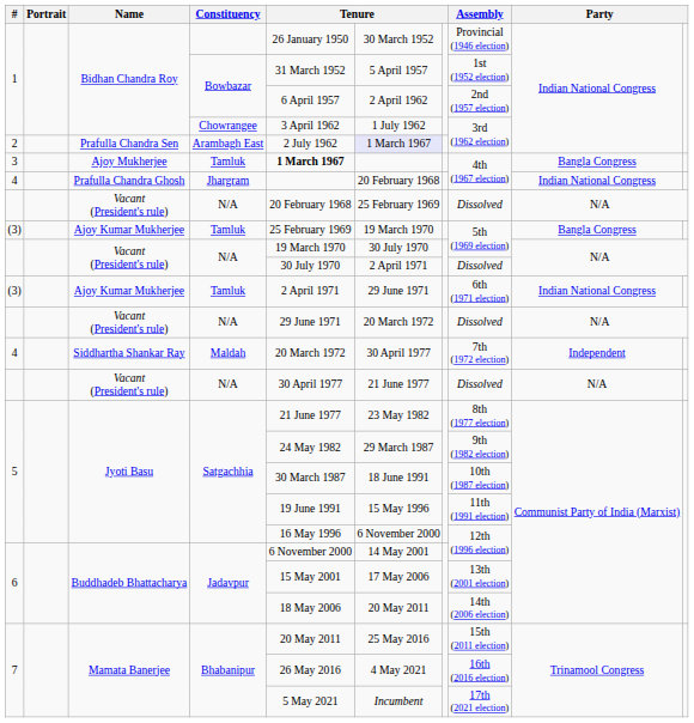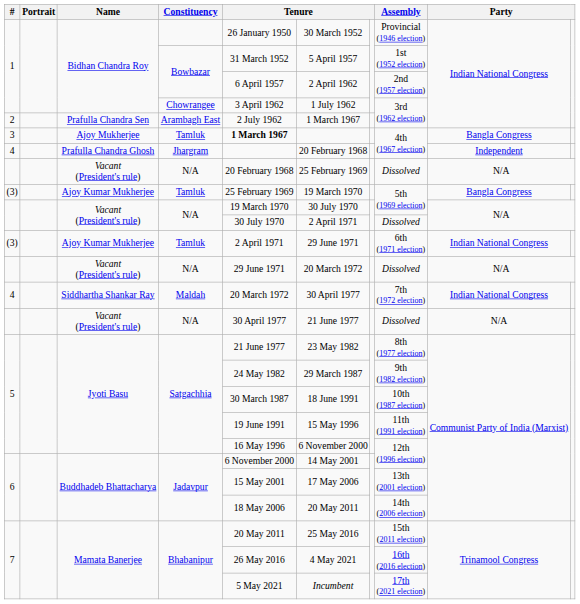 <table class="wikitable" style="text-align:center">
 <tr>
 <th>#</th>
 <th colspan="1">Portrait</th>
 <th>Name</th>
 <th><a href='#'>Constituency</a></th>
 <th colspan="3">Tenure</th>
 <th><a href='#'>Assembly</a><br></th>
 <th colspan="2">Party</th>
 </tr>
 <tr>
 <td rowspan="4">1</td>
 <td rowspan="4"></td>
 <td rowspan="4"><a href='#'>Bidhan Chandra Roy</a></td>
 <td></td>
 <td>26 January 1950</td>
 <td>30 March 1952</td>
 <td rowspan="4"></td>
 <td>Provincial<br><small>(<a href='#'>1946 election</a>)</small></td>
 <td rowspan="5"><a href='#'>Indian National Congress</a></td>
 <td rowspan="5" style="background-color: "></td>
 </tr>
 <tr>
 <td rowspan="2"><a href='#'>Bowbazar</a></td>
 <td>31 March 1952</td>
 <td>5 April 1957</td>
 <td>1st<br><small>(<a href='#'>1952 election</a>)</small></td>
 </tr>
 <tr>
 <td>6 April 1957</td>
 <td>2 April 1962</td>
 <td>2nd<br><small>(<a href='#'>1957 election</a>)</small></td>
 </tr>
 <tr>
 <td><a href='#'>Chowrangee</a></td>
 <td>3 April 1962</td>
 <td>1 July 1962</td>
 <td rowspan="2">3rd <br><small>(<a href='#'>1962 election</a>)</small></td>
 </tr>
 <tr>
 <td>2</td>
 <td></td>
 <td><a href='#'>Prafulla Chandra Sen</a></td>
 <td><a href='#'>Arambagh East</a></td>
 <td>2 July 1962</td>
-<td style="background: lavender;">1 March 1967</td>
+<td>1 March 1967</td>
 <td></td>
 </tr>
 <tr>
 <td>3</td>
 <td></td>
 <td><a href='#'>Ajoy Mukherjee</a></td>
 <td><a href='#'>Tamluk</a></td>
 <td><strong>1 March 1967</strong></td>
 <td></td>
 <td></td>
 <td rowspan="2">4th<br><small>(<a href='#'>1967 election</a>)</small></td>
 <td><a href='#'>Bangla Congress</a></td>
 <td style="background-color: "></td>
 </tr>
 <tr>
 <td>4</td>
 <td></td>
 <td><a href='#'>Prafulla Chandra Ghosh</a></td>
 <td><a href='#'>Jhargram</a></td>
 <td></td>
 <td>20 February 1968</td>
 <td></td>
-<td><a href='#'>Indian National Congress</a></td>
+<td><a href='#'>Independent</a></td>
 <td style="background-color: "></td>
 </tr>
 <tr>
 <td></td>
 <td></td>
 <td><em>Vacant</em><br>(<a href='#'>President's rule</a>)</td>
 <td>N/A</td>
 <td>20 February 1968</td>
 <td>25 February 1969</td>
 <td></td>
 <td><em>Dissolved</em></td>
 <td colspan="2">N/A</td>
 </tr>
 <tr>
 <td>(3)</td>
 <td></td>
 <td><a href='#'>Ajoy Kumar Mukherjee</a></td>
 <td><a href='#'>Tamluk</a></td>
 <td>25 February 1969</td>
 <td>19 March 1970</td>
 <td></td>
 <td rowspan="2">5th<br><small>(<a href='#'>1969 election</a>)</small></td>
 <td><a href='#'>Bangla Congress</a></td>
 <td style="background-color: "></td>
 </tr>
 <tr>
 <td rowspan="2"></td>
 <td rowspan="2"></td>
 <td rowspan="2"><em>Vacant</em><br>(<a href='#'>President's rule</a>)</td>
 <td rowspan="2">N/A</td>
 <td>19 March 1970</td>
 <td>30 July 1970</td>
 <td rowspan="2"></td>
 <td colspan="2" rowspan="2">N/A</td>
 </tr>
 <tr>
 <td>30 July 1970</td>
 <td>2 April 1971</td>
 <td><em>Dissolved</em></td>
 </tr>
 <tr>
 <td>(3)</td>
 <td></td>
 <td><a href='#'>Ajoy Kumar Mukherjee</a></td>
 <td><a href='#'>Tamluk</a></td>
 <td>2 April 1971</td>
 <td>29 June 1971</td>
 <td></td>
 <td>6th<br><small>(<a href='#'>1971 election</a>)</small></td>
 <td><a href='#'>Indian National Congress</a></td>
 <td style="background-color: "></td>
 </tr>
 <tr>
 <td></td>
 <td></td>
 <td><em>Vacant</em><br>(<a href='#'>President's rule</a>)</td>
 <td>N/A</td>
 <td>29 June 1971</td>
 <td>20 March 1972</td>
 <td></td>
 <td><em>Dissolved</em></td>
 <td colspan="2">N/A</td>
 </tr>
 <tr>
 <td>4</td>
 <td></td>
 <td><a href='#'>Siddhartha Shankar Ray</a></td>
 <td><a href='#'>Maldah</a></td>
 <td>20 March 1972</td>
 <td>30 April 1977</td>
 <td></td>
 <td>7th<br><small>(<a href='#'>1972 election</a>)</small></td>
-<td><a href='#'>Independent</a></td>
+<td><a href='#'>Indian National Congress</a></td>
 <td style="background-color: "></td>
 </tr>
 <tr>
 <td></td>
 <td></td>
 <td><em>Vacant</em><br>(<a href='#'>President's rule</a>)</td>
 <td>N/A</td>
 <td>30 April 1977</td>
 <td>21 June 1977</td>
 <td></td>
 <td><em>Dissolved</em></td>
 <td>N/A</td>
 <td></td>
 </tr>
 <tr>
 <td rowspan="5">5</td>
 <td rowspan="5"></td>
 <td rowspan="5"><a href='#'>Jyoti Basu</a></td>
 <td rowspan="5"><a href='#'>Satgachhia</a></td>
 <td>21 June 1977</td>
 <td>23 May 1982</td>
 <td rowspan="5"></td>
 <td>8th<br><small>(<a href='#'>1977 election</a>)</small></td>
 <td rowspan="8"><a href='#'>Communist Party of India (Marxist)</a></td>
 <td rowspan="8" style="background-color: "></td>
 </tr>
 <tr>
 <td>24 May 1982</td>
 <td>29 March 1987</td>
 <td>9th<br><small>(<a href='#'>1982 election</a>)</small></td>
 </tr>
 <tr>
 <td>30 March 1987</td>
 <td>18 June 1991</td>
 <td>10th<br><small>(<a href='#'>1987 election</a>)</small></td>
 </tr>
 <tr>
 <td>19 June 1991</td>
 <td>15 May 1996</td>
 <td>11th<br><small>(<a href='#'>1991 election</a>)</small></td>
 </tr>
 <tr>
 <td>16 May 1996</td>
 <td>6 November 2000</td>
 <td rowspan="2">12th<br><small>(<a href='#'>1996 election</a>)</small></td>
 </tr>
 <tr>
 <td rowspan="3">6</td>
 <td rowspan="3"></td>
 <td rowspan="3"><a href='#'>Buddhadeb Bhattacharya</a></td>
 <td rowspan="3"><a href='#'>Jadavpur</a></td>
 <td>6 November 2000</td>
 <td>14 May 2001</td>
 <td rowspan="3"></td>
 </tr>
 <tr>
 <td>15 May 2001</td>
 <td>17 May 2006</td>
 <td>13th<br><small>(<a href='#'>2001 election</a>)</small></td>
 </tr>
 <tr>
 <td>18 May 2006</td>
 <td>20 May 2011</td>
 <td>14th <br><small>(<a href='#'>2006 election</a>)</small></td>
 </tr>
 <tr>
 <td rowspan="3">7</td>
 <td rowspan="3"></td>
 <td rowspan="3"><a href='#'>Mamata Banerjee</a></td>
 <td rowspan="3"><a href='#'>Bhabanipur</a></td>
 <td>20 May 2011</td>
 <td>25 May 2016</td>
 <td rowspan="3"></td>
 <td>15th<br><small>(<a href='#'>2011 election</a>)</small></td>
 <td rowspan="3"><a href='#'>Trinamool Congress</a></td>
 <td rowspan="3" style="background-color: "></td>
 </tr>
 <tr>
 <td>26 May 2016</td>
 <td>4 May 2021</td>
 <td><a href='#'>16th</a><br><small>(<a href='#'>2016 election</a>)</small></td>
 </tr>
 <tr>
 <td>5 May 2021</td>
 <td><em>Incumbent</em></td>
 <td><a href='#'>17th</a><br><small>(<a href='#'>2021 election</a>)</small></td>
 </tr>
 </table>
